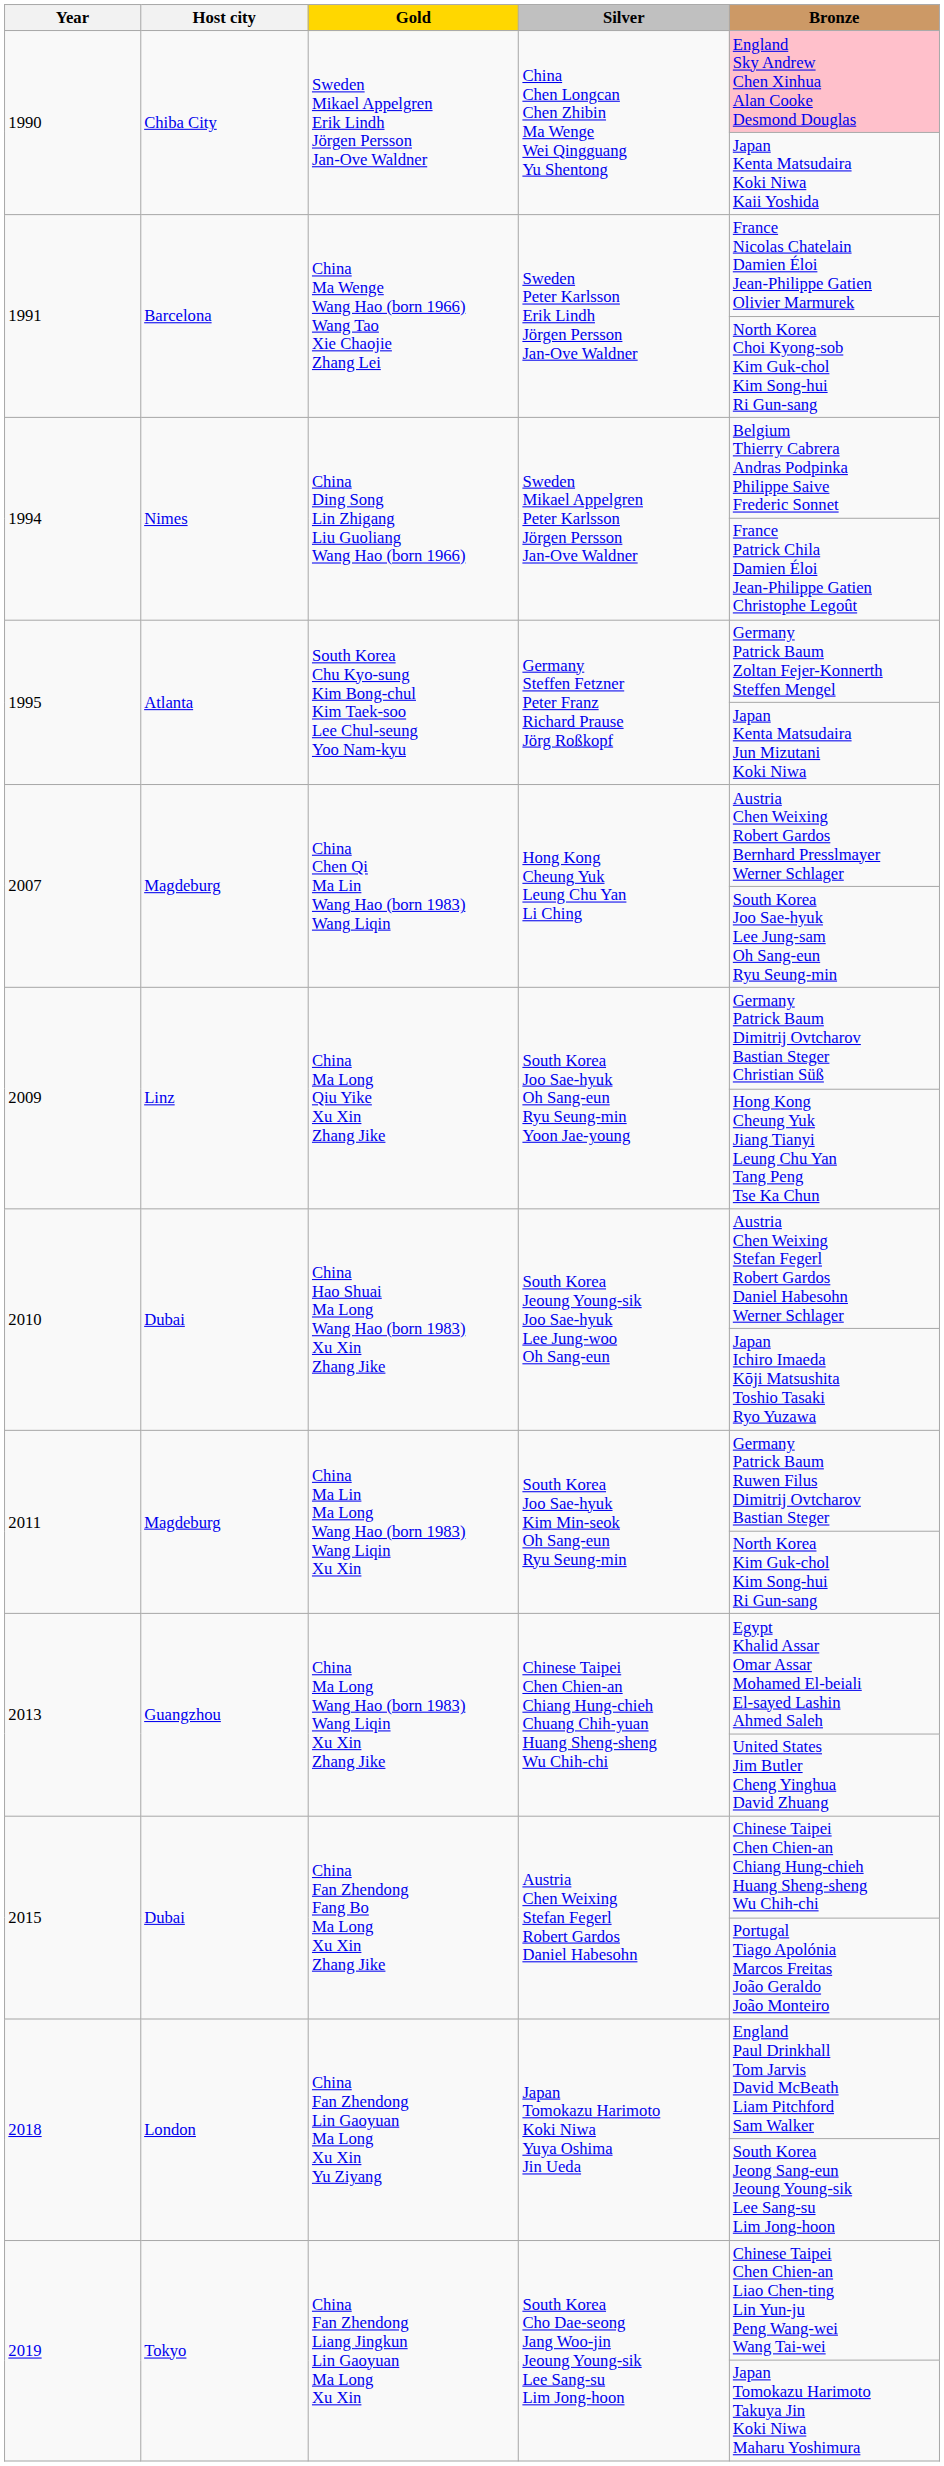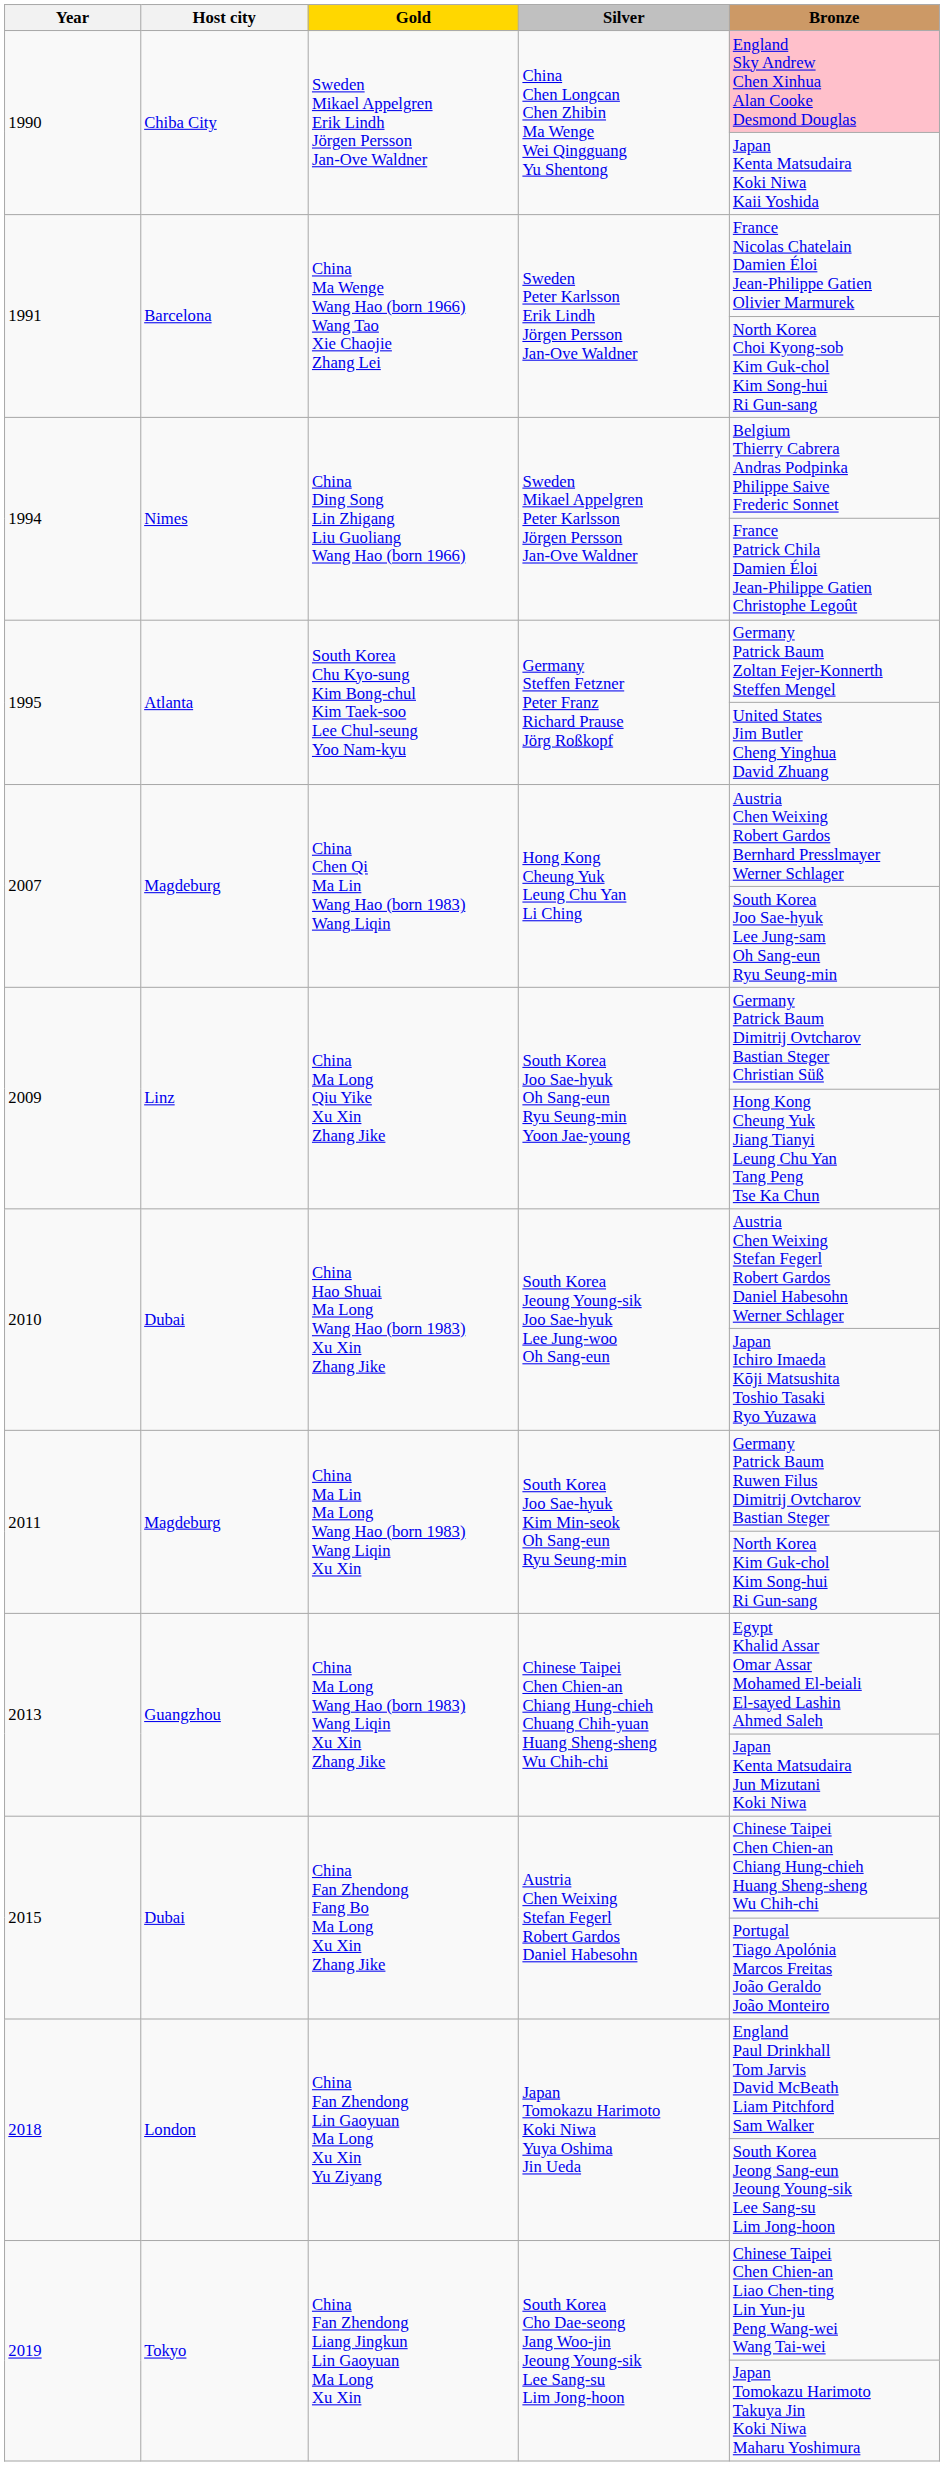 <table class="wikitable" style="text-align: left; width: 900px;">
 <tr>
 <th width="120">Year</th>
 <th width="150">Host city</th>
 <th width="190" style="background-color: gold">Gold</th>
 <th width="190" style="background-color: silver">Silver</th>
 <th width="190" style="background-color: #cc9966">Bronze</th>
 </tr>
 <tr>
 <td rowspan=2>1990</td>
 <td rowspan=2><a href='#'>Chiba City</a></td>
 <td rowspan=2> <a href='#'>Sweden</a><br><a href='#'>Mikael Appelgren</a><br><a href='#'>Erik Lindh</a><br><a href='#'>Jörgen Persson</a><br><a href='#'>Jan-Ove Waldner</a></td>
 <td rowspan=2> <a href='#'>China</a><br><a href='#'>Chen Longcan</a><br><a href='#'>Chen Zhibin</a><br><a href='#'>Ma Wenge</a><br><a href='#'>Wei Qingguang</a><br><a href='#'>Yu Shentong</a></td>
 <td style="background: pink;"> <a href='#'>England</a><br><a href='#'>Sky Andrew</a><br><a href='#'>Chen Xinhua</a><br><a href='#'>Alan Cooke</a><br><a href='#'>Desmond Douglas</a></td>
 </tr>
 <tr>
 <td> <a href='#'>Japan</a><br><a href='#'>Kenta Matsudaira</a><br><a href='#'>Koki Niwa</a><br><a href='#'>Kaii Yoshida</a></td>
 </tr>
 <tr>
 <td rowspan=2>1991</td>
 <td rowspan=2><a href='#'>Barcelona</a></td>
 <td rowspan=2> <a href='#'>China</a><br><a href='#'>Ma Wenge</a><br><a href='#'>Wang Hao (born 1966)</a><br><a href='#'>Wang Tao</a><br><a href='#'>Xie Chaojie</a><br><a href='#'>Zhang Lei</a></td>
 <td rowspan=2> <a href='#'>Sweden</a><br><a href='#'>Peter Karlsson</a><br><a href='#'>Erik Lindh</a><br><a href='#'>Jörgen Persson</a><br><a href='#'>Jan-Ove Waldner</a></td>
 <td> <a href='#'>France</a><br><a href='#'>Nicolas Chatelain</a><br><a href='#'>Damien Éloi</a><br><a href='#'>Jean-Philippe Gatien</a><br><a href='#'>Olivier Marmurek</a></td>
 </tr>
 <tr>
 <td> <a href='#'>North Korea</a><br><a href='#'>Choi Kyong-sob</a><br><a href='#'>Kim Guk-chol</a><br><a href='#'>Kim Song-hui</a><br><a href='#'>Ri Gun-sang</a></td>
 </tr>
 <tr>
 <td rowspan=2>1994</td>
 <td rowspan=2><a href='#'>Nimes</a></td>
 <td rowspan=2> <a href='#'>China</a><br><a href='#'>Ding Song</a><br><a href='#'>Lin Zhigang</a><br><a href='#'>Liu Guoliang</a><br><a href='#'>Wang Hao (born 1966)</a></td>
 <td rowspan=2> <a href='#'>Sweden</a><br><a href='#'>Mikael Appelgren</a><br><a href='#'>Peter Karlsson</a><br><a href='#'>Jörgen Persson</a><br><a href='#'>Jan-Ove Waldner</a></td>
 <td> <a href='#'>Belgium</a><br><a href='#'>Thierry Cabrera</a><br><a href='#'>Andras Podpinka</a><br><a href='#'>Philippe Saive</a><br><a href='#'>Frederic Sonnet</a></td>
 </tr>
 <tr>
 <td> <a href='#'>France</a><br><a href='#'>Patrick Chila</a><br><a href='#'>Damien Éloi</a><br><a href='#'>Jean-Philippe Gatien</a><br><a href='#'>Christophe Legoût</a></td>
 </tr>
 <tr>
 <td rowspan=2>1995</td>
 <td rowspan=2><a href='#'>Atlanta</a></td>
 <td rowspan=2> <a href='#'>South Korea</a><br><a href='#'>Chu Kyo-sung</a><br><a href='#'>Kim Bong-chul</a><br><a href='#'>Kim Taek-soo</a><br><a href='#'>Lee Chul-seung</a><br><a href='#'>Yoo Nam-kyu</a></td>
 <td rowspan=2> <a href='#'>Germany</a><br><a href='#'>Steffen Fetzner</a><br><a href='#'>Peter Franz</a><br><a href='#'>Richard Prause</a><br><a href='#'>Jörg Roßkopf</a></td>
 <td> <a href='#'>Germany</a><br><a href='#'>Patrick Baum</a><br><a href='#'>Zoltan Fejer-Konnerth</a><br><a href='#'>Steffen Mengel</a></td>
 </tr>
 <tr>
-<td> <a href='#'>Japan</a><br><a href='#'>Kenta Matsudaira</a><br><a href='#'>Jun Mizutani</a><br><a href='#'>Koki Niwa</a></td>
+<td> <a href='#'>United States</a><br><a href='#'>Jim Butler</a><br><a href='#'>Cheng Yinghua</a><br><a href='#'>David Zhuang</a></td>
 </tr>
 <tr>
 <td rowspan=2>2007</td>
 <td rowspan=2><a href='#'>Magdeburg</a></td>
 <td rowspan=2> <a href='#'>China</a><br><a href='#'>Chen Qi</a><br><a href='#'>Ma Lin</a><br><a href='#'>Wang Hao (born 1983)</a><br><a href='#'>Wang Liqin</a></td>
 <td rowspan=2> <a href='#'>Hong Kong</a><br><a href='#'>Cheung Yuk</a><br><a href='#'>Leung Chu Yan</a><br><a href='#'>Li Ching</a></td>
 <td> <a href='#'>Austria</a><br><a href='#'>Chen Weixing</a><br><a href='#'>Robert Gardos</a><br><a href='#'>Bernhard Presslmayer</a><br><a href='#'>Werner Schlager</a></td>
 </tr>
 <tr>
 <td> <a href='#'>South Korea</a><br><a href='#'>Joo Sae-hyuk</a><br><a href='#'>Lee Jung-sam</a><br><a href='#'>Oh Sang-eun</a><br><a href='#'>Ryu Seung-min</a></td>
 </tr>
 <tr>
 <td rowspan=2>2009</td>
 <td rowspan=2><a href='#'>Linz</a></td>
 <td rowspan=2> <a href='#'>China</a><br><a href='#'>Ma Long</a><br><a href='#'>Qiu Yike</a><br><a href='#'>Xu Xin</a><br><a href='#'>Zhang Jike</a></td>
 <td rowspan=2> <a href='#'>South Korea</a><br><a href='#'>Joo Sae-hyuk</a><br><a href='#'>Oh Sang-eun</a><br><a href='#'>Ryu Seung-min</a><br><a href='#'>Yoon Jae-young</a></td>
 <td> <a href='#'>Germany</a><br><a href='#'>Patrick Baum</a><br><a href='#'>Dimitrij Ovtcharov</a><br><a href='#'>Bastian Steger</a><br><a href='#'>Christian Süß</a></td>
 </tr>
 <tr>
 <td> <a href='#'>Hong Kong</a><br><a href='#'>Cheung Yuk</a><br><a href='#'>Jiang Tianyi</a><br><a href='#'>Leung Chu Yan</a><br><a href='#'>Tang Peng</a><br><a href='#'>Tse Ka Chun</a></td>
 </tr>
 <tr>
 <td rowspan=2>2010</td>
 <td rowspan=2><a href='#'>Dubai</a></td>
 <td rowspan=2> <a href='#'>China</a><br><a href='#'>Hao Shuai</a><br><a href='#'>Ma Long</a><br><a href='#'>Wang Hao (born 1983)</a><br><a href='#'>Xu Xin</a><br><a href='#'>Zhang Jike</a></td>
 <td rowspan=2> <a href='#'>South Korea</a><br><a href='#'>Jeoung Young-sik</a><br><a href='#'>Joo Sae-hyuk</a><br><a href='#'>Lee Jung-woo</a><br><a href='#'>Oh Sang-eun</a></td>
 <td> <a href='#'>Austria</a><br><a href='#'>Chen Weixing</a><br><a href='#'>Stefan Fegerl</a><br><a href='#'>Robert Gardos</a><br><a href='#'>Daniel Habesohn</a><br><a href='#'>Werner Schlager</a></td>
 </tr>
 <tr>
 <td> <a href='#'>Japan</a><br><a href='#'>Ichiro Imaeda</a><br><a href='#'>Kōji Matsushita</a><br><a href='#'>Toshio Tasaki</a><br><a href='#'>Ryo Yuzawa</a></td>
 </tr>
 <tr>
 <td rowspan=2>2011</td>
 <td rowspan=2><a href='#'>Magdeburg</a></td>
 <td rowspan=2> <a href='#'>China</a><br><a href='#'>Ma Lin</a><br><a href='#'>Ma Long</a><br><a href='#'>Wang Hao (born 1983)</a><br><a href='#'>Wang Liqin</a><br><a href='#'>Xu Xin</a></td>
 <td rowspan=2> <a href='#'>South Korea</a><br><a href='#'>Joo Sae-hyuk</a><br><a href='#'>Kim Min-seok</a><br><a href='#'>Oh Sang-eun</a><br><a href='#'>Ryu Seung-min</a></td>
 <td> <a href='#'>Germany</a><br><a href='#'>Patrick Baum</a><br><a href='#'>Ruwen Filus</a><br><a href='#'>Dimitrij Ovtcharov</a><br><a href='#'>Bastian Steger</a></td>
 </tr>
 <tr>
 <td> <a href='#'>North Korea</a><br><a href='#'>Kim Guk-chol</a><br><a href='#'>Kim Song-hui</a><br><a href='#'>Ri Gun-sang</a></td>
 </tr>
 <tr>
 <td rowspan=2>2013</td>
 <td rowspan=2><a href='#'>Guangzhou</a></td>
 <td rowspan=2> <a href='#'>China</a><br><a href='#'>Ma Long</a><br><a href='#'>Wang Hao (born 1983)</a><br><a href='#'>Wang Liqin</a><br><a href='#'>Xu Xin</a><br><a href='#'>Zhang Jike</a></td>
 <td rowspan=2> <a href='#'>Chinese Taipei</a><br><a href='#'>Chen Chien-an</a><br><a href='#'>Chiang Hung-chieh</a><br><a href='#'>Chuang Chih-yuan</a><br><a href='#'>Huang Sheng-sheng</a><br><a href='#'>Wu Chih-chi</a></td>
 <td> <a href='#'>Egypt</a><br><a href='#'>Khalid Assar</a><br><a href='#'>Omar Assar</a><br><a href='#'>Mohamed El-beiali</a><br><a href='#'>El-sayed Lashin</a><br><a href='#'>Ahmed Saleh</a></td>
 </tr>
 <tr>
-<td> <a href='#'>United States</a><br><a href='#'>Jim Butler</a><br><a href='#'>Cheng Yinghua</a><br><a href='#'>David Zhuang</a></td>
+<td> <a href='#'>Japan</a><br><a href='#'>Kenta Matsudaira</a><br><a href='#'>Jun Mizutani</a><br><a href='#'>Koki Niwa</a></td>
 </tr>
 <tr>
 <td rowspan=2>2015</td>
 <td rowspan=2><a href='#'>Dubai</a></td>
 <td rowspan=2> <a href='#'>China</a><br><a href='#'>Fan Zhendong</a><br><a href='#'>Fang Bo</a><br><a href='#'>Ma Long</a><br><a href='#'>Xu Xin</a><br><a href='#'>Zhang Jike</a></td>
 <td rowspan=2> <a href='#'>Austria</a><br><a href='#'>Chen Weixing</a><br><a href='#'>Stefan Fegerl</a><br><a href='#'>Robert Gardos</a><br><a href='#'>Daniel Habesohn</a></td>
 <td> <a href='#'>Chinese Taipei</a><br><a href='#'>Chen Chien-an</a><br><a href='#'>Chiang Hung-chieh</a><br><a href='#'>Huang Sheng-sheng</a><br><a href='#'>Wu Chih-chi</a></td>
 </tr>
 <tr>
 <td> <a href='#'>Portugal</a><br><a href='#'>Tiago Apolónia</a><br><a href='#'>Marcos Freitas</a><br><a href='#'>João Geraldo</a><br><a href='#'>João Monteiro</a></td>
 </tr>
 <tr>
 <td rowspan=2><a href='#'>2018</a></td>
 <td rowspan=2><a href='#'>London</a></td>
 <td rowspan=2> <a href='#'>China</a><br><a href='#'>Fan Zhendong</a><br><a href='#'>Lin Gaoyuan</a><br><a href='#'>Ma Long</a><br><a href='#'>Xu Xin</a><br><a href='#'>Yu Ziyang</a></td>
 <td rowspan=2> <a href='#'>Japan</a><br><a href='#'>Tomokazu Harimoto</a><br><a href='#'>Koki Niwa</a><br><a href='#'>Yuya Oshima</a><br><a href='#'>Jin Ueda</a></td>
 <td> <a href='#'>England</a><br><a href='#'>Paul Drinkhall</a><br><a href='#'>Tom Jarvis</a><br><a href='#'>David McBeath</a><br><a href='#'>Liam Pitchford</a><br><a href='#'>Sam Walker</a></td>
 </tr>
 <tr>
 <td> <a href='#'>South Korea</a><br><a href='#'>Jeong Sang-eun</a><br><a href='#'>Jeoung Young-sik</a><br><a href='#'>Lee Sang-su</a><br><a href='#'>Lim Jong-hoon</a></td>
 </tr>
 <tr>
 <td rowspan=2><a href='#'>2019</a></td>
 <td rowspan=2><a href='#'>Tokyo</a></td>
 <td rowspan=2> <a href='#'>China</a><br><a href='#'>Fan Zhendong</a><br><a href='#'>Liang Jingkun</a><br><a href='#'>Lin Gaoyuan</a><br><a href='#'>Ma Long</a><br><a href='#'>Xu Xin</a></td>
 <td rowspan=2> <a href='#'>South Korea</a><br><a href='#'>Cho Dae-seong</a><br><a href='#'>Jang Woo-jin</a><br><a href='#'>Jeoung Young-sik</a><br><a href='#'>Lee Sang-su</a><br><a href='#'>Lim Jong-hoon</a></td>
 <td> <a href='#'>Chinese Taipei</a><br><a href='#'>Chen Chien-an</a><br><a href='#'>Liao Chen-ting</a><br><a href='#'>Lin Yun-ju</a><br><a href='#'>Peng Wang-wei</a><br><a href='#'>Wang Tai-wei</a></td>
 </tr>
 <tr>
 <td> <a href='#'>Japan</a><br><a href='#'>Tomokazu Harimoto</a><br><a href='#'>Takuya Jin</a><br><a href='#'>Koki Niwa</a><br><a href='#'>Maharu Yoshimura</a></td>
 </tr>
 </table>
